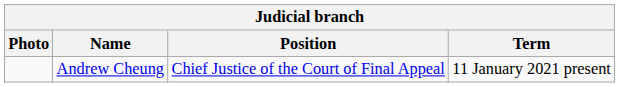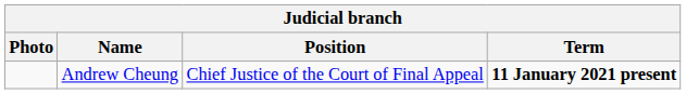 <table class="wikitable" style="text-align:center">
 <tr>
 <th colspan="4">Judicial branch</th>
 </tr>
 <tr>
 <th>Photo</th>
 <th>Name</th>
 <th>Position</th>
 <th>Term</th>
 </tr>
 <tr>
 <td></td>
 <td><a href='#'>Andrew Cheung</a></td>
 <td><a href='#'>Chief Justice of the Court of Final Appeal</a></td>
-<td>11 January 2021  present</td>
+<td><strong>11 January 2021  present</strong></td>
 </tr>
 </table>
